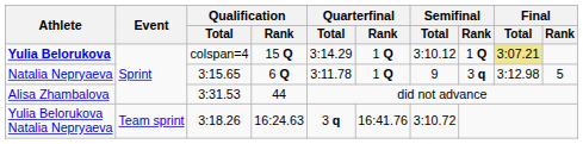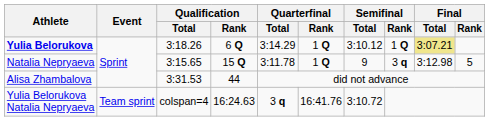 <table class="wikitable"  style="font-size:90%">
 <tr>
 <th rowspan="2">Athlete</th>
 <th rowspan="2">Event</th>
 <th colspan="2">Qualification</th>
 <th colspan="2">Quarterfinal</th>
 <th colspan="2">Semifinal</th>
 <th colspan="2">Final</th>
 </tr>
 <tr style="font-size: 95%">
 <th>Total</th>
 <th>Rank</th>
 <th>Total</th>
 <th>Rank</th>
 <th>Total</th>
 <th>Rank</th>
 <th>Total</th>
 <th>Rank</th>
 </tr>
 <tr align=center>
 <td align=left><strong><a href='#'>Yulia Belorukova</a></strong></td>
 <td align=left rowspan=3><a href='#'>Sprint</a></td>
-<td>colspan=4 </td>
-<td>15 <strong>Q</strong></td>
+<td>3:18.26</td>
+<td>6 <strong>Q</strong></td>
 <td>3:14.29</td>
 <td>1 <strong>Q</strong></td>
 <td>3:10.12</td>
 <td>1 <strong>Q</strong></td>
 <td style="background: khaki;">3:07.21</td>
 <td></td>
 </tr>
 <tr align=center>
 <td align=left><a href='#'>Natalia Nepryaeva</a></td>
 <td>3:15.65</td>
-<td>6 <strong>Q</strong></td>
+<td>15 <strong>Q</strong></td>
 <td>3:11.78</td>
 <td>1 <strong>Q</strong></td>
 <td>9</td>
 <td>3 <strong>q</strong></td>
 <td>3:12.98</td>
 <td>5</td>
 </tr>
 <tr align=center>
 <td align=left><a href='#'>Alisa Zhambalova</a></td>
 <td>3:31.53</td>
 <td>44</td>
 <td colspan=6>did not advance</td>
 </tr>
 <tr align=center>
 <td align=left><a href='#'>Yulia Belorukova</a><br><a href='#'>Natalia Nepryaeva</a></td>
 <td align=left><a href='#'>Team sprint</a></td>
-<td>3:18.26</td>
+<td>colspan=4 </td>
 <td>16:24.63</td>
 <td>3 <strong>q</strong></td>
 <td>16:41.76</td>
 <td>3:10.72</td>
 </tr>
 </table>
